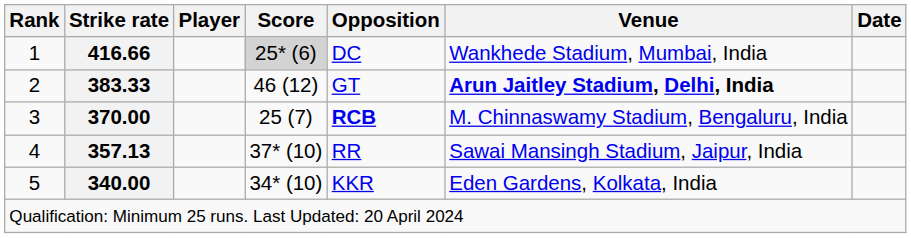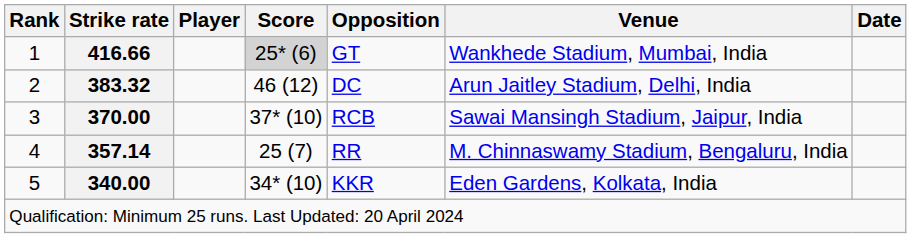 <table class="wikitable">
 <tr>
 <th style="text-align:center;">Rank</th>
 <th style="text-align:center;">Strike rate</th>
 <th style="text-align:center;">Player</th>
 <th style="text-align:center;">Score</th>
 <th style="text-align:center;">Opposition</th>
 <th style="text-align:center;">Venue</th>
 <th style="text-align:center;">Date</th>
 </tr>
 <tr>
 <td align=center>1</td>
 <th scope=row style=text-align:center;>416.66</th>
 <td></td>
 <td align=center style="background: lightgrey;">25* (6)</td>
-<td><a href='#'>DC</a></td>
+<td><a href='#'>GT</a></td>
 <td><a href='#'>Wankhede Stadium</a>, <a href='#'>Mumbai</a>, India</td>
 <td></td>
 </tr>
 <tr>
 <td align=center>2</td>
-<th scope=row style=text-align:center;>383.33</th>
+<th scope=row style=text-align:center;>383.32</th>
 <td></td>
 <td align=center>46 (12)</td>
-<td><a href='#'>GT</a></td>
-<td><strong><a href='#'>Arun Jaitley Stadium</a>, <a href='#'>Delhi</a>, India</strong></td>
+<td><a href='#'>DC</a></td>
+<td><a href='#'>Arun Jaitley Stadium</a>, <a href='#'>Delhi</a>, India</td>
 <td></td>
 </tr>
 <tr>
 <td align=center>3</td>
 <th scope=row style=text-align:center;>370.00</th>
 <td></td>
-<td align=center>25 (7)</td>
-<td><strong><a href='#'>RCB</a></strong></td>
-<td><a href='#'>M. Chinnaswamy Stadium</a>, <a href='#'>Bengaluru</a>, India</td>
+<td align=center>37* (10)</td>
+<td><a href='#'>RCB</a></td>
+<td><a href='#'>Sawai Mansingh Stadium</a>, <a href='#'>Jaipur</a>, India</td>
 <td></td>
 </tr>
 <tr>
 <td align=center>4</td>
-<th scope=row style=text-align:center;>357.13</th>
+<th scope=row style=text-align:center;>357.14</th>
 <td></td>
-<td align=center>37* (10)</td>
+<td align=center>25 (7)</td>
 <td><a href='#'>RR</a></td>
-<td><a href='#'>Sawai Mansingh Stadium</a>, <a href='#'>Jaipur</a>, India</td>
+<td><a href='#'>M. Chinnaswamy Stadium</a>, <a href='#'>Bengaluru</a>, India</td>
 <td></td>
 </tr>
 <tr>
 <td align=center>5</td>
 <th scope=row style=text-align:center;>340.00</th>
 <td></td>
 <td align=center>34* (10)</td>
 <td><a href='#'>KKR</a></td>
 <td><a href='#'>Eden Gardens</a>, <a href='#'>Kolkata</a>, India</td>
 <td></td>
 </tr>
 <tr class=sortbottom>
 <td colspan=8><small>Qualification: Minimum 25 runs. Last Updated: 20 April 2024</small></td>
 </tr>
 </table>
